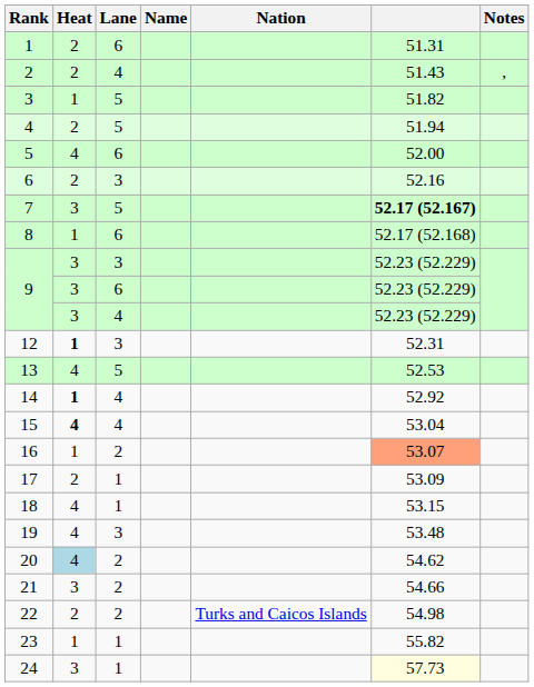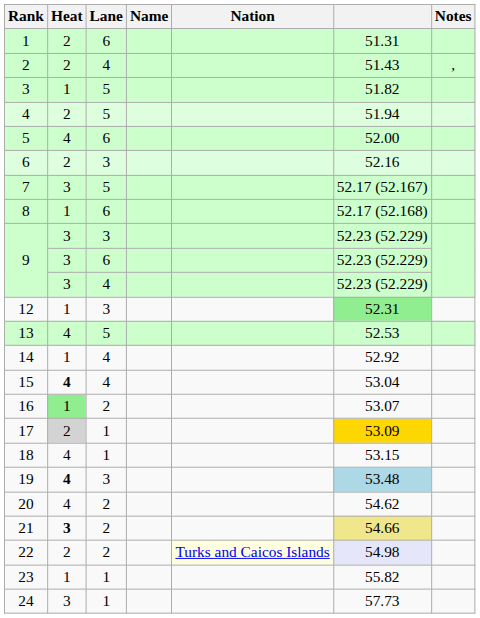 <table class="wikitable sortable" style="text-align:center">
 <tr>
 <th scope="col">Rank</th>
 <th scope="col">Heat</th>
 <th scope="col">Lane</th>
 <th scope="col">Name</th>
 <th scope="col">Nation</th>
 <th scope="col"></th>
 <th scope="col">Notes</th>
 </tr>
 <tr bgcolor=ccffcc>
 <td>1</td>
 <td>2</td>
 <td>6</td>
 <td align=left></td>
 <td align=left></td>
 <td>51.31</td>
 <td></td>
 </tr>
 <tr bgcolor=ccffcc>
 <td>2</td>
 <td>2</td>
 <td>4</td>
 <td align=left></td>
 <td align=left></td>
 <td>51.43</td>
 <td>, </td>
 </tr>
 <tr bgcolor=ccffcc>
 <td>3</td>
 <td>1</td>
 <td>5</td>
 <td align=left></td>
 <td align=left></td>
 <td>51.82</td>
 <td></td>
 </tr>
 <tr bgcolor=ddffdd>
 <td>4</td>
 <td>2</td>
 <td>5</td>
 <td align=left></td>
 <td align=left></td>
 <td>51.94</td>
 <td></td>
 </tr>
 <tr bgcolor=ccffcc>
 <td>5</td>
 <td>4</td>
 <td>6</td>
 <td align=left></td>
 <td align=left></td>
 <td>52.00</td>
 <td></td>
 </tr>
 <tr bgcolor=ddffdd>
 <td>6</td>
 <td>2</td>
 <td>3</td>
 <td align=left></td>
 <td align=left></td>
 <td>52.16</td>
 <td></td>
 </tr>
 <tr bgcolor=ccffcc>
 <td>7</td>
 <td>3</td>
 <td>5</td>
 <td align=left></td>
 <td align=left></td>
-<td><strong>52.17 (52.167)</strong></td>
+<td>52.17 (52.167)</td>
 <td></td>
 </tr>
 <tr bgcolor=ccffcc>
 <td>8</td>
 <td>1</td>
 <td>6</td>
 <td align=left></td>
 <td align=left></td>
 <td>52.17 (52.168)</td>
 <td></td>
 </tr>
 <tr bgcolor=ccffcc>
 <td rowspan=3>9</td>
 <td>3</td>
 <td>3</td>
 <td align=left></td>
 <td align=left></td>
 <td>52.23 (52.229)</td>
 <td rowspan="3"></td>
 </tr>
 <tr bgcolor=ccffcc>
 <td>3</td>
 <td>6</td>
 <td align=left></td>
 <td align=left></td>
 <td>52.23 (52.229)</td>
 </tr>
 <tr bgcolor=ccffcc>
 <td>3</td>
 <td>4</td>
 <td align=left></td>
 <td align=left></td>
 <td>52.23 (52.229)</td>
 </tr>
 <tr>
 <td>12</td>
-<td><strong>1</strong></td>
+<td>1</td>
 <td>3</td>
 <td align=left></td>
 <td align=left></td>
-<td>52.31</td>
+<td style="background: lightgreen;">52.31</td>
 <td></td>
 </tr>
 <tr bgcolor=ccffcc>
 <td>13</td>
 <td>4</td>
 <td>5</td>
 <td align=left></td>
 <td align=left></td>
 <td>52.53</td>
 <td></td>
 </tr>
 <tr>
 <td>14</td>
-<td><strong>1</strong></td>
+<td>1</td>
 <td>4</td>
 <td align=left></td>
 <td align=left></td>
 <td>52.92</td>
 <td></td>
 </tr>
 <tr>
 <td>15</td>
 <td><strong>4</strong></td>
 <td>4</td>
 <td align=left></td>
 <td align=left></td>
 <td>53.04</td>
 <td></td>
 </tr>
 <tr>
 <td>16</td>
-<td>1</td>
+<td style="background: lightgreen;">1</td>
 <td>2</td>
 <td align=left></td>
 <td align=left></td>
-<td style="background: lightsalmon;">53.07</td>
+<td>53.07</td>
 <td></td>
 </tr>
 <tr>
 <td>17</td>
-<td>2</td>
+<td style="background: lightgrey;">2</td>
 <td>1</td>
 <td align=left></td>
 <td align=left></td>
-<td>53.09</td>
+<td style="background: gold;">53.09</td>
 <td></td>
 </tr>
 <tr>
 <td>18</td>
 <td>4</td>
 <td>1</td>
 <td align=left></td>
 <td align=left></td>
 <td>53.15</td>
 <td></td>
 </tr>
 <tr>
 <td>19</td>
-<td>4</td>
+<td><strong>4</strong></td>
 <td>3</td>
 <td align=left></td>
 <td align=left></td>
-<td>53.48</td>
+<td style="background: lightblue;">53.48</td>
 <td></td>
 </tr>
 <tr>
 <td>20</td>
-<td style="background: lightblue;">4</td>
+<td>4</td>
 <td>2</td>
 <td align=left></td>
 <td align=left></td>
 <td>54.62</td>
 <td></td>
 </tr>
 <tr>
 <td>21</td>
-<td>3</td>
+<td><strong>3</strong></td>
 <td>2</td>
 <td align=left></td>
 <td align=left></td>
-<td>54.66</td>
+<td style="background: khaki;">54.66</td>
 <td></td>
 </tr>
 <tr>
 <td>22</td>
 <td>2</td>
 <td>2</td>
 <td align=left></td>
-<td align=left> <a href='#'>Turks and Caicos Islands</a></td>
-<td>54.98</td>
+<td align=left style="background: lightyellow;"> <a href='#'>Turks and Caicos Islands</a></td>
+<td style="background: lavender;">54.98</td>
 <td></td>
 </tr>
 <tr>
 <td>23</td>
 <td>1</td>
 <td>1</td>
 <td align=left></td>
 <td align=left></td>
 <td>55.82</td>
 <td></td>
 </tr>
 <tr>
 <td>24</td>
 <td>3</td>
 <td>1</td>
 <td align=left></td>
 <td align=left></td>
-<td style="background: lightyellow;">57.73</td>
+<td>57.73</td>
 <td></td>
 </tr>
 </table>
